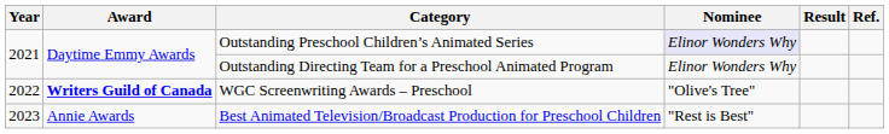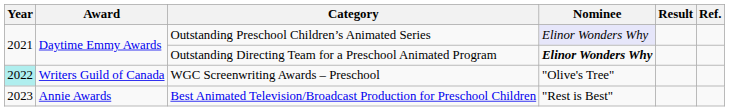 <table class="wikitable">
 <tr>
 <th>Year</th>
 <th>Award</th>
 <th>Category</th>
 <th>Nominee</th>
 <th>Result</th>
 <th>Ref.</th>
 </tr>
 <tr>
 <td rowspan="2">2021</td>
 <td rowspan="2"><a href='#'>Daytime Emmy Awards</a></td>
 <td>Outstanding Preschool Children’s Animated Series</td>
 <td style="background: lavender;"><em>Elinor Wonders Why</em></td>
 <td></td>
 <td></td>
 </tr>
 <tr>
 <td>Outstanding Directing Team for a Preschool Animated Program</td>
-<td><em>Elinor Wonders Why</em></td>
+<td><strong><em>Elinor Wonders Why</em></strong></td>
 <td></td>
 <td></td>
 </tr>
 <tr>
-<td>2022</td>
-<td><strong><a href='#'>Writers Guild of Canada</a></strong></td>
+<td style="background: paleturquoise;">2022</td>
+<td><a href='#'>Writers Guild of Canada</a></td>
 <td>WGC Screenwriting Awards – Preschool</td>
 <td>"Olive's Tree"</td>
 <td></td>
 <td></td>
 </tr>
 <tr>
 <td>2023</td>
 <td><a href='#'>Annie Awards</a></td>
 <td><a href='#'>Best Animated Television/Broadcast Production for Preschool Children</a></td>
 <td>"Rest is Best"</td>
 <td></td>
 <td></td>
 </tr>
 </table>
